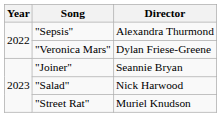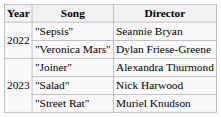 <table class="wikitable">
 <tr>
 <th>Year</th>
 <th>Song</th>
 <th>Director</th>
 </tr>
 <tr>
 <td rowspan="2">2022</td>
 <td>"Sepsis"</td>
-<td>Alexandra Thurmond</td>
+<td>Seannie Bryan</td>
 </tr>
 <tr>
 <td>"Veronica Mars"</td>
 <td>Dylan Friese-Greene</td>
 </tr>
 <tr>
 <td rowspan="3">2023</td>
 <td>"Joiner"</td>
-<td>Seannie Bryan</td>
+<td>Alexandra Thurmond</td>
 </tr>
 <tr>
 <td>"Salad"</td>
 <td>Nick Harwood</td>
 </tr>
 <tr>
 <td>"Street Rat"</td>
 <td>Muriel Knudson</td>
 </tr>
 </table>
